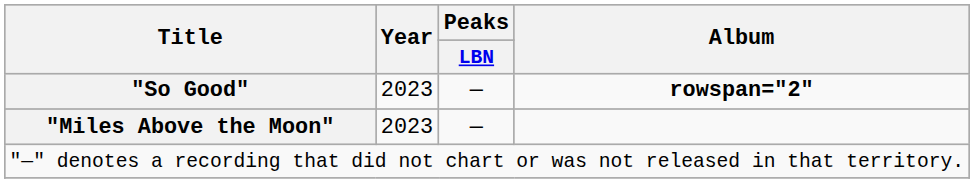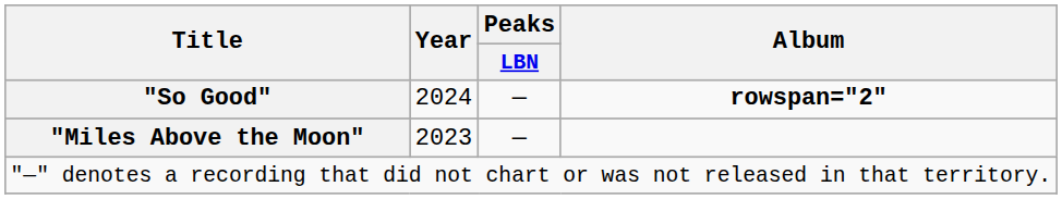 <table class="wikitable plainrowheaders" style="text-align:center;">
 <tr>
 <th scope="col" rowspan="2" style="width:16.5em;">Title</th>
 <th scope="col" rowspan="2" style="width:1em;">Year</th>
 <th scope="col" colspan="1">Peaks</th>
 <th scope="col" rowspan="2">Album</th>
 </tr>
 <tr>
 <th scope="col" style="width:3em;font-size:90%;"><a href='#'>LBN</a></th>
 </tr>
 <tr>
 <th scope="row">"So Good"</th>
-<td>2023</td>
+<td>2024</td>
 <td>—</td>
 <td><strong>rowspan="2" </strong></td>
 </tr>
 <tr>
 <th scope="row">"Miles Above the Moon"</th>
 <td>2023</td>
 <td>—</td>
 </tr>
 <tr>
 <td colspan="14" style="font-size:90%">"—" denotes a recording that did not chart or was not released in that territory.</td>
 </tr>
 </table>
